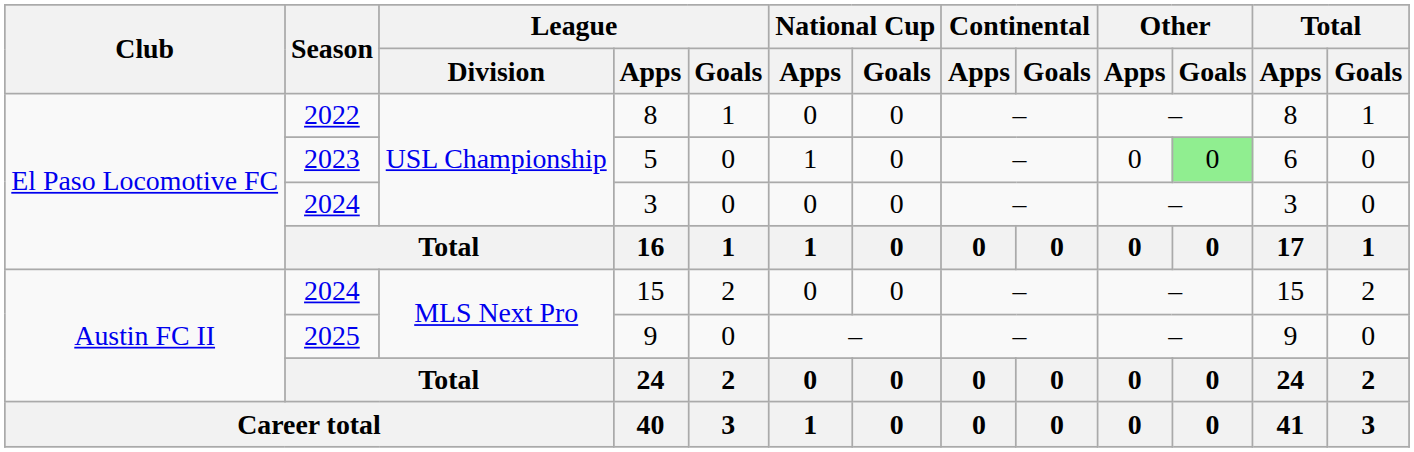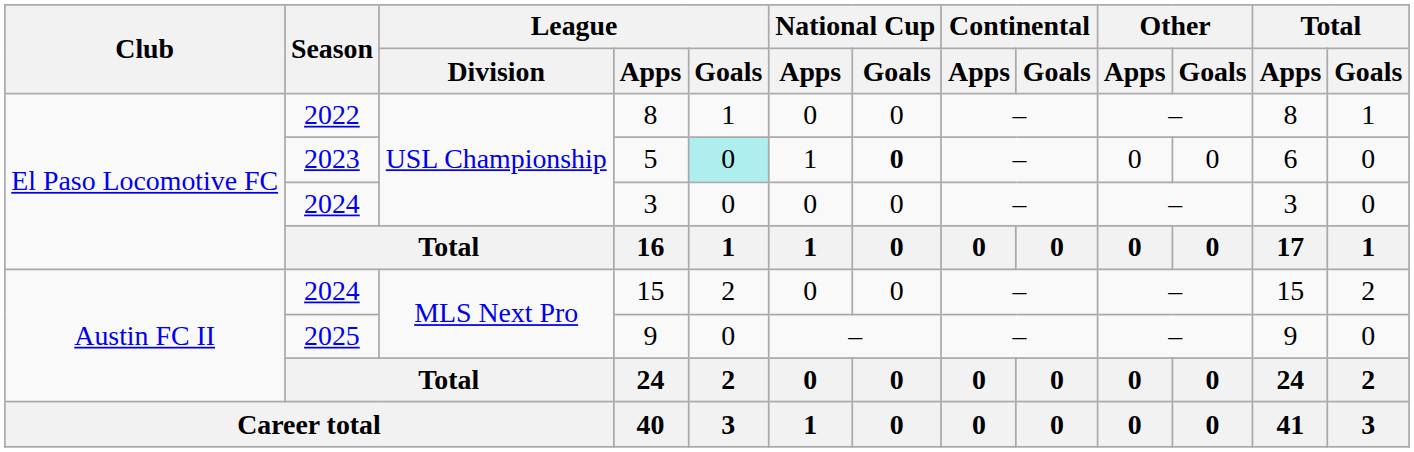 <table class="wikitable" style="text-align:center">
 <tr>
 <th rowspan="2">Club</th>
 <th rowspan="2">Season</th>
 <th colspan="3">League</th>
 <th colspan="2">National Cup</th>
 <th colspan="2">Continental</th>
 <th colspan="2">Other</th>
 <th colspan="2">Total</th>
 </tr>
 <tr>
 <th>Division</th>
 <th>Apps</th>
 <th>Goals</th>
 <th>Apps</th>
 <th>Goals</th>
 <th>Apps</th>
 <th>Goals</th>
 <th>Apps</th>
 <th>Goals</th>
 <th>Apps</th>
 <th>Goals</th>
 </tr>
 <tr>
 <td rowspan="4"><a href='#'>El Paso Locomotive FC</a></td>
 <td><a href='#'>2022</a></td>
 <td rowspan="3"><a href='#'>USL Championship</a></td>
 <td>8</td>
 <td>1</td>
 <td>0</td>
 <td>0</td>
 <td colspan="2">–</td>
 <td colspan="2">–</td>
 <td>8</td>
 <td>1</td>
 </tr>
 <tr>
 <td><a href='#'>2023</a></td>
 <td>5</td>
-<td>0</td>
+<td style="background: paleturquoise;">0</td>
 <td>1</td>
-<td>0</td>
+<td><strong>0</strong></td>
 <td colspan="2">–</td>
 <td>0</td>
-<td style="background: lightgreen;">0</td>
+<td>0</td>
 <td>6</td>
 <td>0</td>
 </tr>
 <tr>
 <td><a href='#'>2024</a></td>
 <td>3</td>
 <td>0</td>
 <td>0</td>
 <td>0</td>
 <td colspan="2">–</td>
 <td colspan="2">–</td>
 <td>3</td>
 <td>0</td>
 </tr>
 <tr>
 <th colspan="2">Total</th>
 <th>16</th>
 <th>1</th>
 <th>1</th>
 <th>0</th>
 <th>0</th>
 <th>0</th>
 <th>0</th>
 <th>0</th>
 <th>17</th>
 <th>1</th>
 </tr>
 <tr>
 <td rowspan=3><a href='#'>Austin FC II</a></td>
 <td><a href='#'>2024</a></td>
 <td rowspan=2><a href='#'>MLS Next Pro</a></td>
 <td>15</td>
 <td>2</td>
 <td>0</td>
 <td>0</td>
 <td colspan="2">–</td>
 <td colspan="2">–</td>
 <td>15</td>
 <td>2</td>
 </tr>
 <tr>
 <td><a href='#'>2025</a></td>
 <td>9</td>
 <td>0</td>
 <td colspan="2">–</td>
 <td colspan="2">–</td>
 <td colspan="2">–</td>
 <td>9</td>
 <td>0</td>
 </tr>
 <tr>
 <th colspan="2">Total</th>
 <th>24</th>
 <th>2</th>
 <th>0</th>
 <th>0</th>
 <th>0</th>
 <th>0</th>
 <th>0</th>
 <th>0</th>
 <th>24</th>
 <th>2</th>
 </tr>
 <tr>
 <th colspan="3">Career total</th>
 <th>40</th>
 <th>3</th>
 <th>1</th>
 <th>0</th>
 <th>0</th>
 <th>0</th>
 <th>0</th>
 <th>0</th>
 <th>41</th>
 <th>3</th>
 </tr>
 </table>
